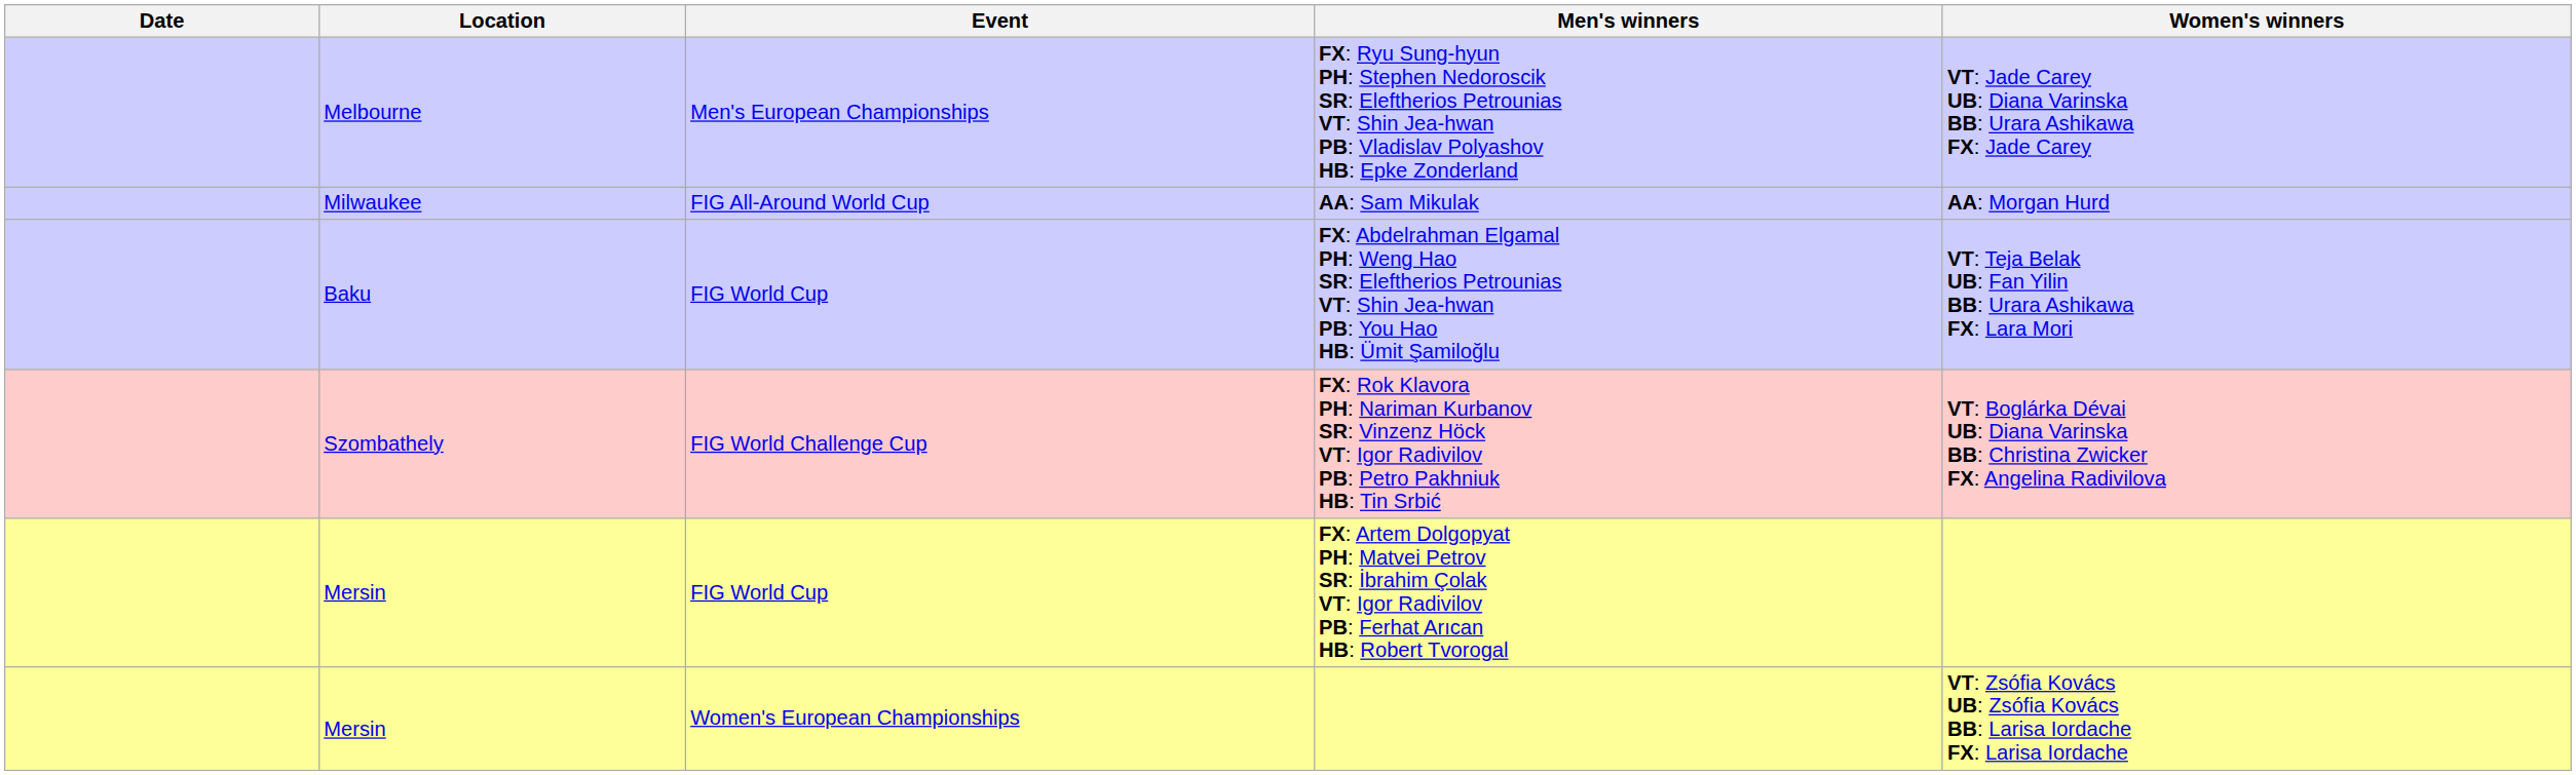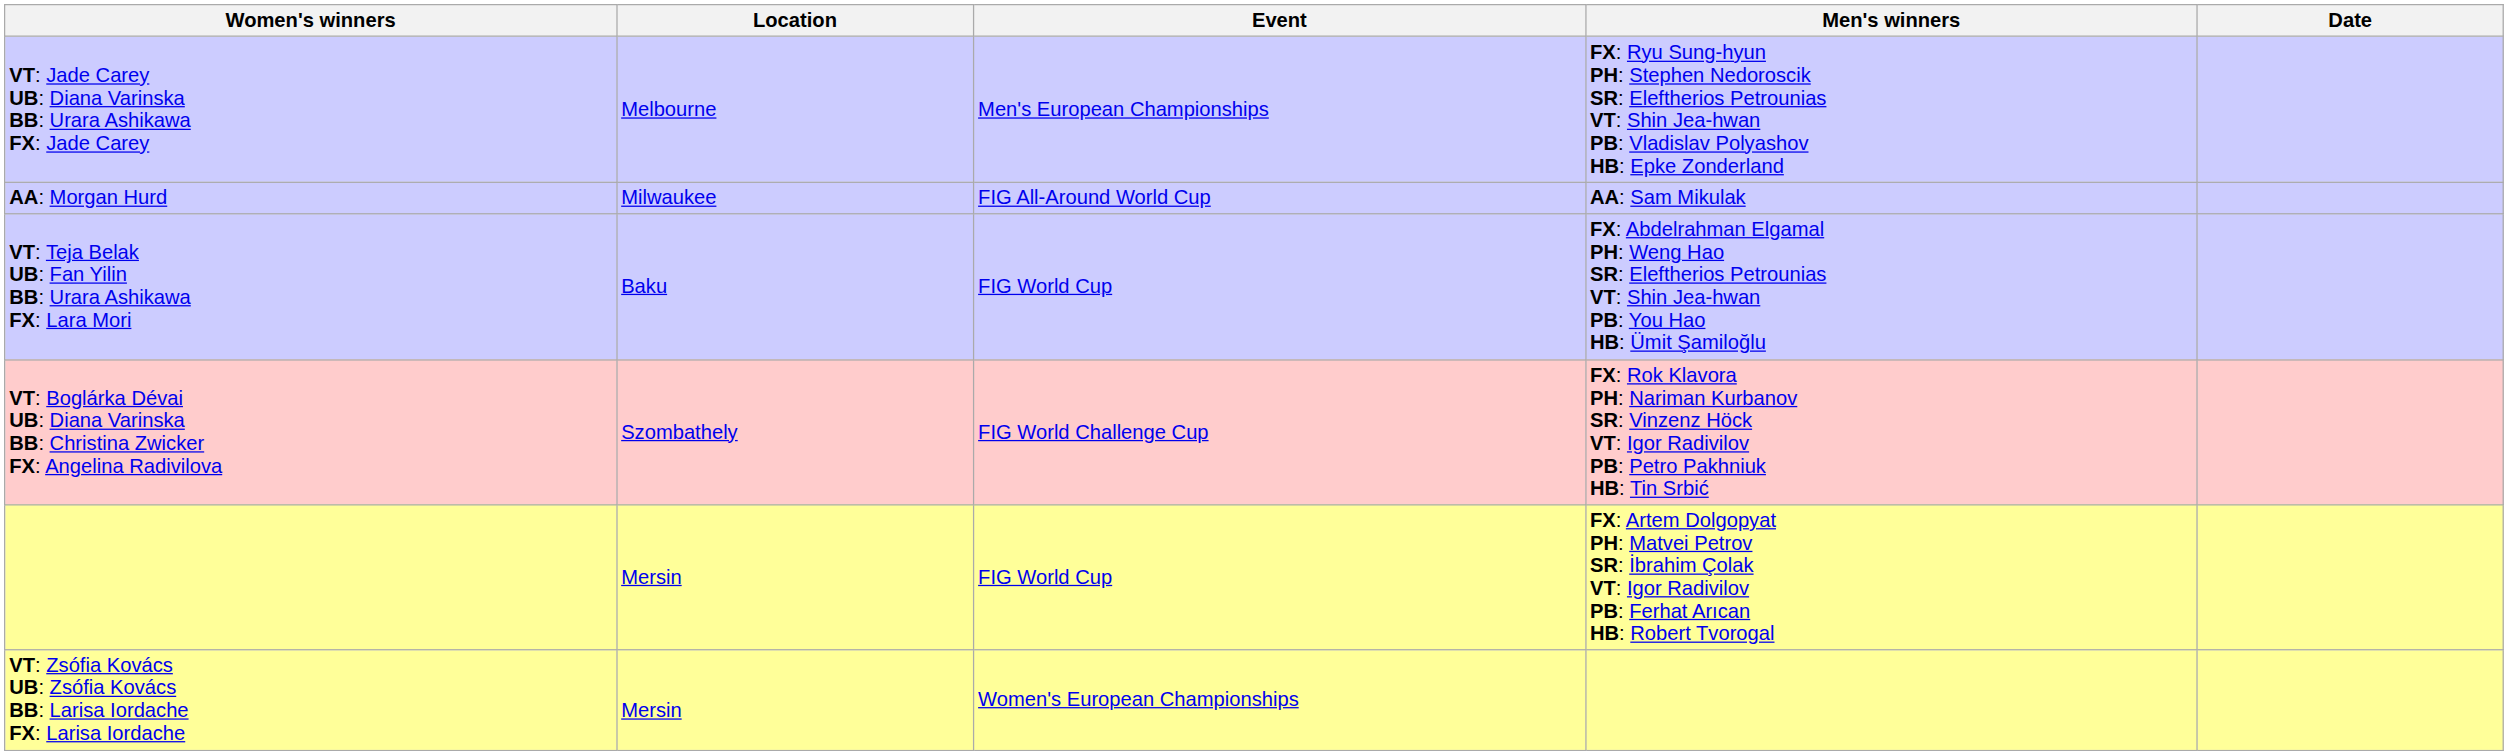 <table class="wikitable sortable" style="width:100%;">
 <tr>
-<th style="text-align:center; width:12%;">Date</th>
+<th style="text-align:center; width:24%;">Women's winners</th>
 <th style="text-align:center; width:14%;">Location</th>
 <th style="text-align:center; width:24%;">Event</th>
 <th style="text-align:center; width:24%;">Men's winners</th>
-<th style="text-align:center; width:24%;">Women's winners</th>
+<th style="text-align:center; width:12%;">Date</th>
 </tr>
 <tr bgcolor="#CCCCFF">
-<td></td>
+<td><strong>VT</strong>:  <a href='#'>Jade Carey</a> <br><strong>UB</strong>:  <a href='#'>Diana Varinska</a> <br> <strong>BB</strong>:  <a href='#'>Urara Ashikawa</a> <br><strong>FX</strong>:  <a href='#'>Jade Carey</a></td>
 <td> <a href='#'>Melbourne</a></td>
 <td><a href='#'>Men's European Championships</a></td>
 <td><strong>FX</strong>:  <a href='#'>Ryu Sung-hyun</a> <br><strong>PH</strong>:  <a href='#'>Stephen Nedoroscik</a> <br><strong>SR</strong>:  <a href='#'>Eleftherios Petrounias</a> <br> <strong>VT</strong>:  <a href='#'>Shin Jea-hwan</a> <br><strong>PB</strong>:  <a href='#'>Vladislav Polyashov</a> <br><strong>HB</strong>:  <a href='#'>Epke Zonderland</a></td>
-<td><strong>VT</strong>:  <a href='#'>Jade Carey</a> <br><strong>UB</strong>:  <a href='#'>Diana Varinska</a> <br> <strong>BB</strong>:  <a href='#'>Urara Ashikawa</a> <br><strong>FX</strong>:  <a href='#'>Jade Carey</a></td>
+<td></td>
 </tr>
 <tr bgcolor="#CCCCFF">
-<td></td>
+<td><strong>AA</strong>:  <a href='#'>Morgan Hurd</a></td>
 <td> <a href='#'>Milwaukee</a></td>
 <td><a href='#'>FIG All-Around World Cup</a></td>
 <td><strong>AA</strong>:  <a href='#'>Sam Mikulak</a></td>
-<td><strong>AA</strong>:  <a href='#'>Morgan Hurd</a></td>
+<td></td>
 </tr>
 <tr bgcolor="#CCCCFF">
-<td></td>
+<td><strong>VT</strong>:  <a href='#'>Teja Belak</a> <br><strong>UB</strong>:  <a href='#'>Fan Yilin</a> <br> <strong>BB</strong>:  <a href='#'>Urara Ashikawa</a> <br><strong>FX</strong>:  <a href='#'>Lara Mori</a></td>
 <td> <a href='#'>Baku</a></td>
 <td><a href='#'>FIG World Cup</a></td>
 <td><strong>FX</strong>:  <a href='#'>Abdelrahman Elgamal</a> <br><strong>PH</strong>:  <a href='#'>Weng Hao</a> <br><strong>SR</strong>:  <a href='#'>Eleftherios Petrounias</a> <br> <strong>VT</strong>:  <a href='#'>Shin Jea-hwan</a> <br><strong>PB</strong>:  <a href='#'>You Hao</a> <br><strong>HB</strong>:  <a href='#'>Ümit Şamiloğlu</a></td>
-<td><strong>VT</strong>:  <a href='#'>Teja Belak</a> <br><strong>UB</strong>:  <a href='#'>Fan Yilin</a> <br> <strong>BB</strong>:  <a href='#'>Urara Ashikawa</a> <br><strong>FX</strong>:  <a href='#'>Lara Mori</a></td>
+<td></td>
 </tr>
 <tr bgcolor="FFCCCC">
-<td></td>
+<td><strong>VT</strong>:  <a href='#'>Boglárka Dévai</a> <br><strong>UB</strong>:  <a href='#'>Diana Varinska</a> <br> <strong>BB</strong>:  <a href='#'>Christina Zwicker</a> <br><strong>FX</strong>:  <a href='#'>Angelina Radivilova</a></td>
 <td> <a href='#'>Szombathely</a></td>
 <td><a href='#'>FIG World Challenge Cup</a></td>
 <td><strong>FX</strong>:  <a href='#'>Rok Klavora</a> <br><strong>PH</strong>:  <a href='#'>Nariman Kurbanov</a> <br><strong>SR</strong>:  <a href='#'>Vinzenz Höck</a> <br> <strong>VT</strong>:  <a href='#'>Igor Radivilov</a> <br><strong>PB</strong>:  <a href='#'>Petro Pakhniuk</a> <br><strong>HB</strong>:  <a href='#'>Tin Srbić</a></td>
-<td><strong>VT</strong>:  <a href='#'>Boglárka Dévai</a> <br><strong>UB</strong>:  <a href='#'>Diana Varinska</a> <br> <strong>BB</strong>:  <a href='#'>Christina Zwicker</a> <br><strong>FX</strong>:  <a href='#'>Angelina Radivilova</a></td>
+<td></td>
 </tr>
 <tr bgcolor="FFFF99">
-<td><br></td>
+<td></td>
 <td>  <a href='#'>Mersin</a></td>
 <td><a href='#'>FIG World Cup</a></td>
 <td><strong>FX</strong>:  <a href='#'>Artem Dolgopyat</a> <br><strong>PH</strong>:  <a href='#'>Matvei Petrov</a> <br><strong>SR</strong>:  <a href='#'>İbrahim Çolak</a> <br> <strong>VT</strong>:  <a href='#'>Igor Radivilov</a> <br><strong>PB</strong>:  <a href='#'>Ferhat Arıcan</a> <br><strong>HB</strong>:  <a href='#'>Robert Tvorogal</a></td>
-<td></td>
+<td><br></td>
 </tr>
 <tr bgcolor="FFFF99">
-<td><br></td>
+<td><strong>VT</strong>:  <a href='#'>Zsófia Kovács</a> <br><strong>UB</strong>:  <a href='#'>Zsófia Kovács</a> <br> <strong>BB</strong>:  <a href='#'>Larisa Iordache</a> <br><strong>FX</strong>:  <a href='#'>Larisa Iordache</a></td>
 <td><br>  <a href='#'>Mersin</a></td>
 <td><a href='#'>Women's European Championships</a></td>
 <td></td>
-<td><strong>VT</strong>:  <a href='#'>Zsófia Kovács</a> <br><strong>UB</strong>:  <a href='#'>Zsófia Kovács</a> <br> <strong>BB</strong>:  <a href='#'>Larisa Iordache</a> <br><strong>FX</strong>:  <a href='#'>Larisa Iordache</a></td>
+<td><br></td>
 </tr>
 </table>
